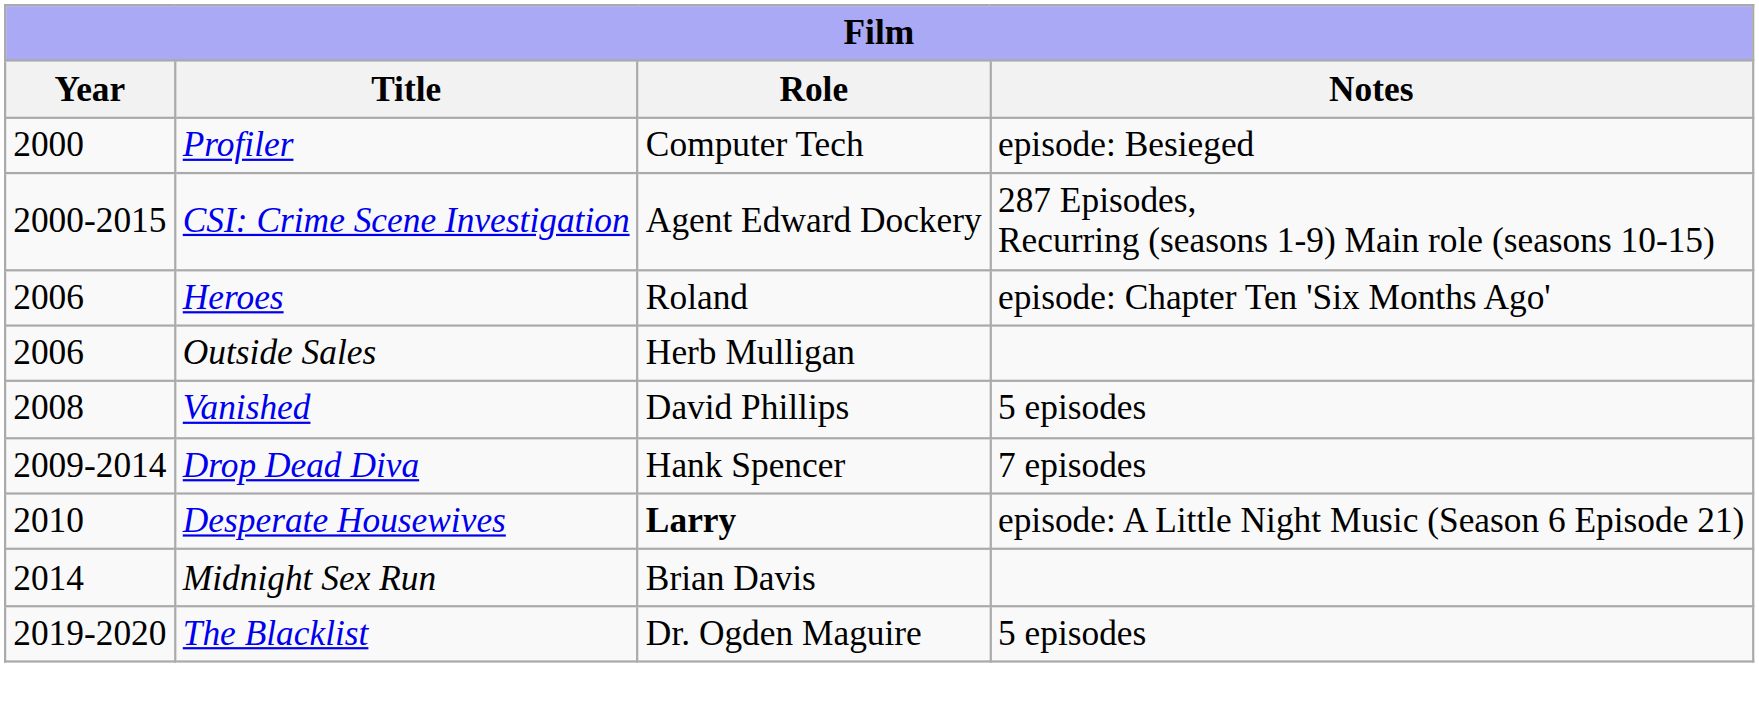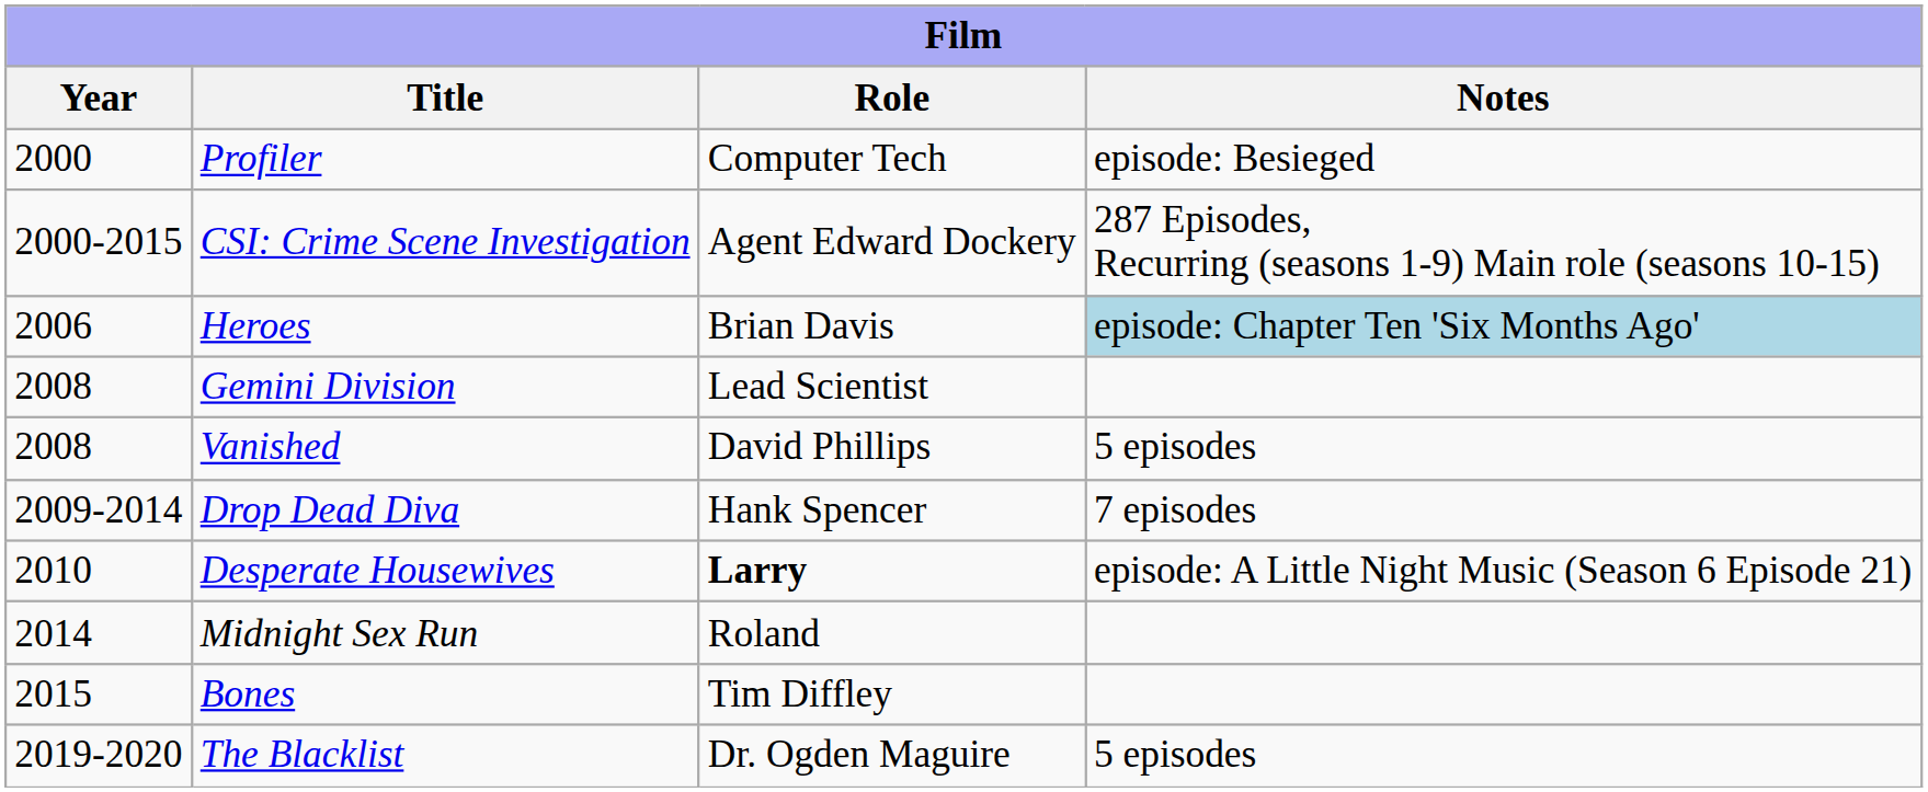 <table class="wikitable sortable">
 <tr>
 <th colspan=4 style="background:#A9A9F5;">Film</th>
 </tr>
 <tr>
 <th>Year</th>
 <th>Title</th>
 <th>Role</th>
 <th>Notes</th>
 </tr>
 <tr>
 <td>2000</td>
 <td><em><a href='#'>Profiler</a></em></td>
 <td>Computer Tech</td>
 <td>episode: Besieged</td>
 </tr>
 <tr>
 <td>2000-2015</td>
 <td><em><a href='#'>CSI: Crime Scene Investigation</a></em></td>
 <td>Agent Edward Dockery</td>
 <td>287 Episodes,<br>Recurring (seasons 1-9) Main role (seasons 10-15)</td>
 </tr>
 <tr>
 <td>2006</td>
 <td><em><a href='#'>Heroes</a></em></td>
-<td>Roland</td>
-<td>episode: Chapter Ten 'Six Months Ago'</td>
+<td>Brian Davis</td>
+<td style="background: lightblue;">episode: Chapter Ten 'Six Months Ago'</td>
 </tr>
 <tr>
-<td>2006</td>
-<td><em>Outside Sales</em></td>
-<td>Herb Mulligan</td>
+<td>2008</td>
+<td><em><a href='#'>Gemini Division</a></em></td>
+<td>Lead Scientist</td>
 <td></td>
 </tr>
 <tr>
 <td>2008</td>
 <td><em><a href='#'>Vanished</a></em></td>
 <td>David Phillips</td>
 <td>5 episodes</td>
 </tr>
 <tr>
 <td>2009-2014</td>
 <td><em><a href='#'>Drop Dead Diva</a></em></td>
 <td>Hank Spencer</td>
 <td>7 episodes</td>
 </tr>
 <tr>
 <td>2010</td>
 <td><em><a href='#'>Desperate Housewives</a></em></td>
 <td><strong>Larry</strong></td>
 <td>episode: A Little Night Music  (Season 6 Episode 21)</td>
 </tr>
 <tr>
 <td>2014</td>
 <td><em>Midnight Sex Run</em></td>
-<td>Brian Davis</td>
+<td>Roland</td>
+<td></td>
+</tr>
+<tr>
+<td>2015</td>
+<td><em><a href='#'>Bones</a></em></td>
+<td>Tim Diffley</td>
 <td></td>
 </tr>
 <tr>
 <td>2019-2020</td>
 <td><em><a href='#'>The Blacklist</a></em></td>
 <td>Dr. Ogden Maguire</td>
 <td>5 episodes</td>
 </tr>
 </table>
